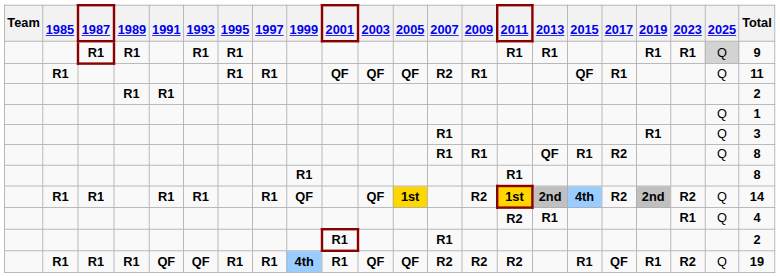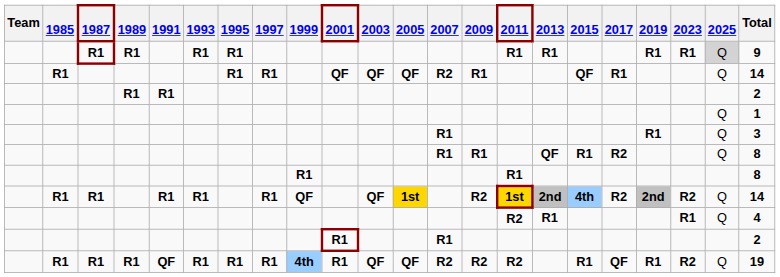 <table class="wikitable" style="text-align:center">
 <tr>
 <th>Team</th>
 <th><br><a href='#'>1985</a></th>
 <th style="border:3px solid darkred"><br><a href='#'>1987</a></th>
 <th><br><a href='#'>1989</a></th>
 <th><br><a href='#'>1991</a></th>
 <th><br><a href='#'>1993</a></th>
 <th><br><a href='#'>1995</a></th>
 <th><br><a href='#'>1997</a></th>
 <th><br><a href='#'>1999</a></th>
 <th style="border:3px solid darkred"><br><a href='#'>2001</a></th>
 <th><br><a href='#'>2003</a></th>
 <th><br><a href='#'>2005</a></th>
 <th><br><a href='#'>2007</a></th>
 <th><br><a href='#'>2009</a></th>
 <th style="border:3px solid darkred"><br><a href='#'>2011</a></th>
 <th><br><a href='#'>2013</a></th>
 <th><br><a href='#'>2015</a></th>
 <th><br><a href='#'>2017</a></th>
 <th><br><a href='#'>2019</a></th>
 <th><br><a href='#'>2023</a></th>
 <th><br><a href='#'>2025</a></th>
 <th>Total</th>
 </tr>
 <tr>
 <td align=left></td>
 <td></td>
 <td style="border: 3px solid darkred"><strong>R1</strong></td>
 <td><strong>R1</strong></td>
 <td></td>
 <td><strong>R1</strong></td>
 <td><strong>R1</strong></td>
 <td></td>
 <td></td>
 <td></td>
 <td></td>
 <td></td>
 <td></td>
 <td></td>
 <td><strong>R1</strong></td>
 <td><strong>R1</strong></td>
 <td></td>
 <td></td>
 <td><strong>R1</strong></td>
 <td><strong>R1</strong></td>
 <td style="background: lightgrey;">Q</td>
 <td><strong>9</strong></td>
 </tr>
 <tr>
 <td align=left></td>
 <td><strong>R1</strong></td>
 <td></td>
 <td></td>
 <td></td>
 <td></td>
 <td><strong>R1</strong></td>
 <td><strong>R1</strong></td>
 <td></td>
 <td><strong>QF</strong></td>
 <td><strong>QF</strong></td>
 <td><strong>QF</strong></td>
 <td><strong>R2</strong></td>
 <td><strong>R1</strong></td>
 <td></td>
 <td></td>
 <td><strong>QF</strong></td>
 <td><strong>R1</strong></td>
 <td></td>
 <td></td>
 <td>Q</td>
-<td><strong>11</strong></td>
+<td><strong>14</strong></td>
 </tr>
 <tr>
 <td align=left></td>
 <td></td>
 <td></td>
 <td><strong>R1</strong></td>
 <td><strong>R1</strong></td>
 <td></td>
 <td></td>
 <td></td>
 <td></td>
 <td></td>
 <td></td>
 <td></td>
 <td></td>
 <td></td>
 <td></td>
 <td></td>
 <td></td>
 <td></td>
 <td></td>
 <td></td>
 <td></td>
 <td><strong>2</strong></td>
 </tr>
 <tr>
 <td align=left></td>
 <td></td>
 <td></td>
 <td></td>
 <td></td>
 <td></td>
 <td></td>
 <td></td>
 <td></td>
 <td></td>
 <td></td>
 <td></td>
 <td></td>
 <td></td>
 <td></td>
 <td></td>
 <td></td>
 <td></td>
 <td></td>
 <td></td>
 <td>Q</td>
 <td><strong>1</strong></td>
 </tr>
 <tr>
 <td align=left></td>
 <td></td>
 <td></td>
 <td></td>
 <td></td>
 <td></td>
 <td></td>
 <td></td>
 <td></td>
 <td></td>
 <td></td>
 <td></td>
 <td><strong>R1</strong></td>
 <td></td>
 <td></td>
 <td></td>
 <td></td>
 <td></td>
 <td><strong>R1</strong></td>
 <td></td>
 <td>Q</td>
 <td><strong>3</strong></td>
 </tr>
 <tr>
 <td align=left></td>
 <td></td>
 <td></td>
 <td></td>
 <td></td>
 <td></td>
 <td></td>
 <td></td>
 <td></td>
 <td></td>
 <td></td>
 <td></td>
 <td><strong>R1</strong></td>
 <td><strong>R1</strong></td>
 <td></td>
 <td><strong>QF</strong></td>
 <td><strong>R1</strong></td>
 <td><strong>R2</strong></td>
 <td></td>
 <td></td>
 <td>Q</td>
 <td><strong>8</strong></td>
 </tr>
 <tr>
 <td align=left></td>
 <td></td>
 <td></td>
 <td></td>
 <td></td>
 <td></td>
 <td></td>
 <td></td>
 <td><strong>R1</strong></td>
 <td></td>
 <td></td>
 <td></td>
 <td></td>
 <td></td>
 <td><strong>R1</strong></td>
 <td></td>
 <td></td>
 <td></td>
 <td></td>
 <td></td>
 <td></td>
 <td><strong>8</strong></td>
 </tr>
 <tr>
 <td align=left></td>
 <td><strong>R1</strong></td>
 <td><strong>R1</strong></td>
 <td></td>
 <td><strong>R1</strong></td>
 <td><strong>R1</strong></td>
 <td></td>
 <td><strong>R1</strong></td>
 <td><strong>QF</strong></td>
 <td></td>
 <td><strong>QF</strong></td>
 <td style="background-color:gold;"><strong>1st</strong></td>
 <td></td>
 <td><strong>R2</strong></td>
 <td style="border:3px solid darkred; background-color:gold;"><strong>1st</strong></td>
 <td style="background-color:silver;"><strong>2nd</strong></td>
 <td style="background-color:#9acdff;"><strong>4th</strong></td>
 <td><strong>R2</strong></td>
 <td style="background-color:silver;"><strong>2nd</strong></td>
 <td><strong>R2</strong></td>
 <td>Q</td>
 <td><strong>14</strong></td>
 </tr>
 <tr>
 <td align=left></td>
 <td></td>
 <td></td>
 <td></td>
 <td></td>
 <td></td>
 <td></td>
 <td></td>
 <td></td>
 <td></td>
 <td></td>
 <td></td>
 <td></td>
 <td></td>
 <td><strong>R2</strong></td>
 <td><strong>R1</strong></td>
 <td></td>
 <td></td>
 <td></td>
 <td><strong>R1</strong></td>
 <td>Q</td>
 <td><strong>4</strong></td>
 </tr>
 <tr>
 <td align=left></td>
 <td></td>
 <td></td>
 <td></td>
 <td></td>
 <td></td>
 <td></td>
 <td></td>
 <td></td>
 <td style="border: 3px solid darkred"><strong>R1</strong></td>
 <td></td>
 <td></td>
 <td><strong>R1</strong></td>
 <td></td>
 <td></td>
 <td></td>
 <td></td>
 <td></td>
 <td></td>
 <td></td>
 <td></td>
 <td><strong>2</strong></td>
 </tr>
 <tr>
 <td align=left></td>
 <td><strong>R1</strong></td>
 <td><strong>R1</strong></td>
 <td><strong>R1</strong></td>
 <td><strong>QF</strong></td>
-<td><strong>QF</strong></td>
+<td><strong>R1</strong></td>
 <td><strong>R1</strong></td>
 <td><strong>R1</strong></td>
 <td style="background-color:#9acdff;"><strong>4th</strong></td>
 <td><strong>R1</strong></td>
 <td><strong>QF</strong></td>
 <td><strong>QF</strong></td>
 <td><strong>R2</strong></td>
 <td><strong>R2</strong></td>
 <td><strong>R2</strong></td>
 <td></td>
 <td><strong>R1</strong></td>
 <td><strong>QF</strong></td>
 <td><strong>R1</strong></td>
 <td><strong>R2</strong></td>
 <td>Q</td>
 <td><strong>19</strong></td>
 </tr>
 </table>
